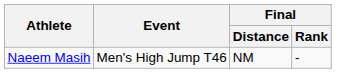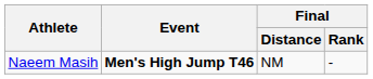 <table class="wikitable">
 <tr>
 <th rowspan="2">Athlete</th>
 <th rowspan="2">Event</th>
 <th colspan="2">Final</th>
 </tr>
 <tr>
 <th>Distance</th>
 <th>Rank</th>
 </tr>
 <tr>
 <td><a href='#'>Naeem Masih</a></td>
-<td>Men's High Jump T46</td>
+<td><strong>Men's High Jump T46</strong></td>
 <td>NM</td>
 <td>-</td>
 </tr>
 </table>
